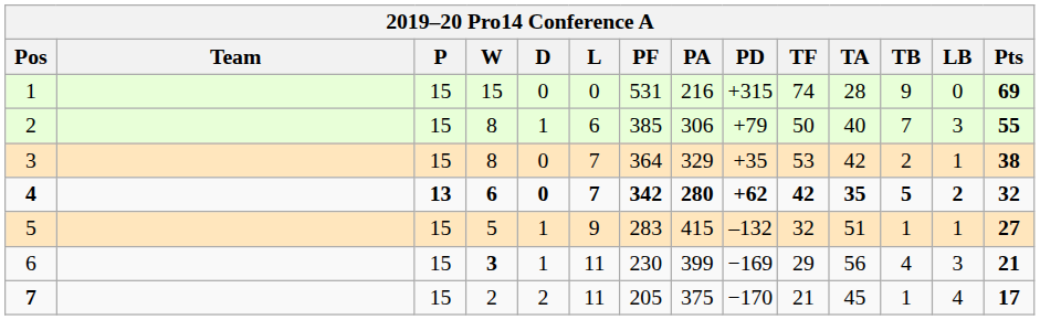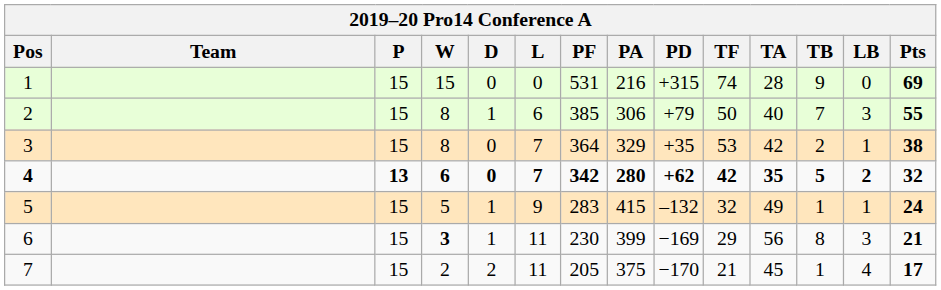 <table class="wikitable" style="text-align:center; font-size:100%; width:60%;">
 <tr>
 <th colspan="100%" cellpadding="0" cellspacing="0">2019–20 Pro14 Conference A</th>
 </tr>
 <tr>
 <th style="width:5%;">Pos</th>
 <th style="width:35%;">Team</th>
 <th style="width:5%;">P</th>
 <th style="width:5%;">W</th>
 <th style="width:5%;">D</th>
 <th style="width:5%;">L</th>
 <th style="width:5%;">PF</th>
 <th style="width:5%;">PA</th>
 <th style="width:5%;">PD</th>
 <th style="width:5%;">TF</th>
 <th style="width:5%;">TA</th>
 <th style="width:5%;">TB</th>
 <th style="width:5%;">LB</th>
 <th style="width:5%;">Pts<br></th>
 </tr>
 <tr style="background:#E8FFD8;">
 <td>1</td>
 <td style="text-align:left;"></td>
 <td>15</td>
 <td>15</td>
 <td>0</td>
 <td>0</td>
 <td>531</td>
 <td>216</td>
 <td>+315</td>
 <td>74</td>
 <td>28</td>
 <td>9</td>
 <td>0</td>
 <td><strong>69</strong></td>
 </tr>
 <tr style="background:#E8FFD8;">
 <td>2</td>
 <td style="text-align:left;"></td>
 <td>15</td>
 <td>8</td>
 <td>1</td>
 <td>6</td>
 <td>385</td>
 <td>306</td>
 <td>+79</td>
 <td>50</td>
 <td>40</td>
 <td>7</td>
 <td>3</td>
 <td><strong>55</strong></td>
 </tr>
 <tr style="background:#FFE6BD;">
 <td>3</td>
 <td style="text-align:left;"></td>
 <td>15</td>
 <td>8</td>
 <td>0</td>
 <td>7</td>
 <td>364</td>
 <td>329</td>
 <td>+35</td>
 <td>53</td>
 <td>42</td>
 <td>2</td>
 <td>1</td>
 <td><strong>38</strong></td>
 </tr>
 <tr style="font-weight:bold;">
 <td>4</td>
 <td style="text-align:left;"></td>
 <td>13</td>
 <td>6</td>
 <td>0</td>
 <td>7</td>
 <td>342</td>
 <td>280</td>
 <td>+62</td>
 <td>42</td>
 <td>35</td>
 <td>5</td>
 <td>2</td>
 <td><strong>32</strong></td>
 </tr>
 <tr style="background:#FFE6BD;">
 <td>5</td>
 <td style="text-align:left;"></td>
 <td>15</td>
 <td>5</td>
 <td>1</td>
 <td>9</td>
 <td>283</td>
 <td>415</td>
 <td>–132</td>
 <td>32</td>
-<td>51</td>
+<td>49</td>
 <td>1</td>
 <td>1</td>
-<td><strong>27</strong></td>
+<td><strong>24</strong></td>
 </tr>
 <tr>
 <td>6</td>
 <td style="text-align:left;"></td>
 <td>15</td>
 <td><strong>3</strong></td>
 <td>1</td>
 <td>11</td>
 <td>230</td>
 <td>399</td>
 <td>−169</td>
 <td>29</td>
 <td>56</td>
-<td>4</td>
+<td>8</td>
 <td>3</td>
 <td><strong>21</strong></td>
 </tr>
 <tr>
-<td><strong>7</strong></td>
+<td>7</td>
 <td style="text-align:left;"></td>
 <td>15</td>
 <td>2</td>
 <td>2</td>
 <td>11</td>
 <td>205</td>
 <td>375</td>
 <td>−170</td>
 <td>21</td>
 <td>45</td>
 <td>1</td>
 <td>4</td>
 <td><strong>17</strong></td>
 </tr>
 </table>
